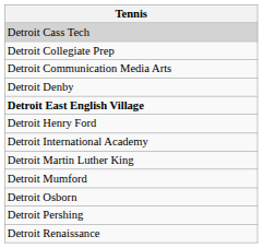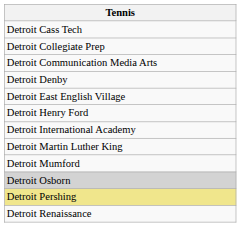 <table class="wikitable collapsible collapsed" style="width:22em">
 <tr>
 <th align=center>Tennis</th>
 </tr>
 <tr>
-<td style="background: lightgrey;">Detroit Cass Tech</td>
+<td>Detroit Cass Tech</td>
 </tr>
 <tr>
 <td>Detroit Collegiate Prep</td>
 </tr>
 <tr>
 <td>Detroit Communication Media Arts</td>
 </tr>
 <tr>
 <td>Detroit Denby</td>
 </tr>
 <tr>
-<td><strong>Detroit East English Village</strong></td>
+<td>Detroit East English Village</td>
 </tr>
 <tr>
 <td>Detroit Henry Ford</td>
 </tr>
 <tr>
 <td>Detroit International Academy</td>
 </tr>
 <tr>
 <td>Detroit Martin Luther King</td>
 </tr>
 <tr>
 <td>Detroit Mumford</td>
 </tr>
 <tr>
-<td>Detroit Osborn</td>
+<td style="background: lightgrey;">Detroit Osborn</td>
 </tr>
 <tr>
-<td>Detroit Pershing</td>
+<td style="background: khaki;">Detroit Pershing</td>
 </tr>
 <tr>
 <td>Detroit Renaissance</td>
 </tr>
 </table>
